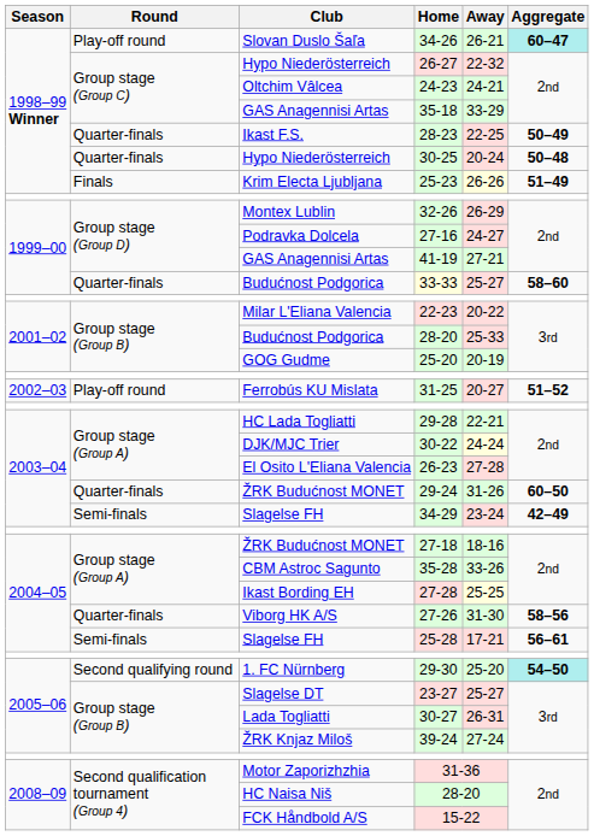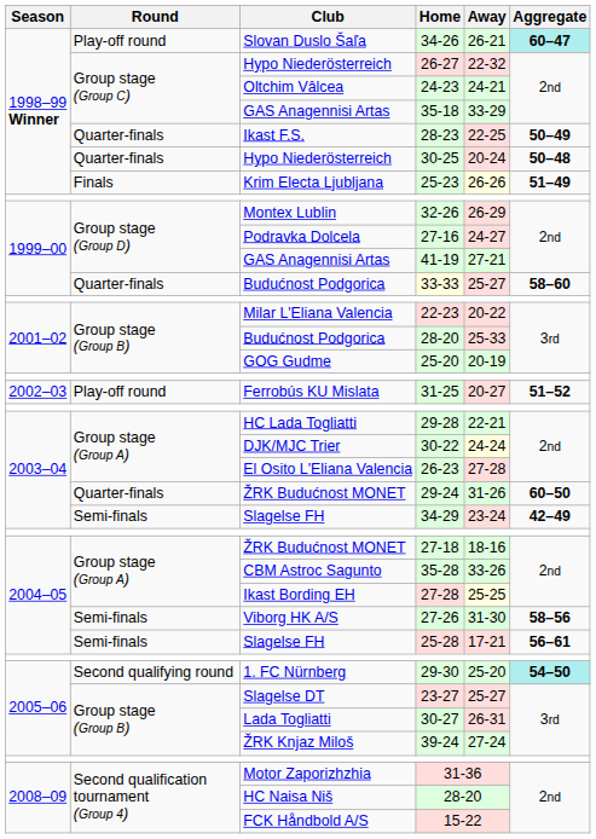 <table class="wikitable">
 <tr>
 <th>Season</th>
 <th width=175>Round</th>
 <th>Club</th>
 <th>Home</th>
 <th>Away</th>
 <th>Aggregate</th>
 </tr>
 <tr>
 <td rowspan=7><a href='#'>1998–99</a><br> <strong>Winner</strong></td>
 <td>Play-off round</td>
 <td> <a href='#'>Slovan Duslo Šaľa</a></td>
 <td style="text-align:center; background:#dfd;">34-26</td>
 <td style="text-align:center; background:#dfd;">26-21</td>
 <td style="background: paleturquoise; text-align:center;"><strong>60–47</strong></td>
 </tr>
 <tr>
 <td rowspan=3>Group stage<br><em>(<small>Group C</small>)</em></td>
 <td> <a href='#'>Hypo Niederösterreich</a></td>
 <td style="text-align:center; background:#fdd;">26-27</td>
 <td style="text-align:center; background:#fdd;">22-32</td>
 <td align=center rowspan=3>2<small>nd</small></td>
 </tr>
 <tr>
 <td> <a href='#'>Oltchim Vâlcea</a></td>
 <td style="text-align:center; background:#dfd;">24-23</td>
 <td style="text-align:center; background:#dfd;">24-21</td>
 </tr>
 <tr>
 <td> <a href='#'>GAS Anagennisi Artas</a></td>
 <td style="text-align:center; background:#dfd;">35-18</td>
 <td style="text-align:center; background:#dfd;">33-29</td>
 </tr>
 <tr>
 <td>Quarter-finals</td>
 <td> <a href='#'>Ikast F.S.</a></td>
 <td style="text-align:center; background:#dfd;">28-23</td>
 <td style="text-align:center; background:#fdd;">22-25</td>
 <td style="text-align:center;"><strong>50–49</strong></td>
 </tr>
 <tr>
 <td>Quarter-finals</td>
 <td> <a href='#'>Hypo Niederösterreich</a></td>
 <td style="text-align:center; background:#dfd;">30-25</td>
 <td style="text-align:center; background:#fdd;">20-24</td>
 <td style="text-align:center;"><strong>50–48</strong></td>
 </tr>
 <tr>
 <td>Finals</td>
 <td> <a href='#'>Krim Electa Ljubljana</a></td>
 <td style="text-align:center; background:#dfd;">25-23</td>
 <td style="text-align:center; background:#ffd;">26-26</td>
 <td style="text-align:center;"><strong>51–49</strong></td>
 </tr>
 <tr>
 <td colspan=7 style="text-align: center;" bgcolor=white></td>
 </tr>
 <tr>
 <td rowspan=4><a href='#'>1999–00</a></td>
 <td rowspan=3>Group stage<br><em>(<small>Group D</small>)</em></td>
 <td> <a href='#'>Montex Lublin</a></td>
 <td style="text-align:center; background:#dfd;">32-26</td>
 <td style="text-align:center; background:#fdd;">26-29</td>
 <td align=center rowspan=3>2<small>nd</small></td>
 </tr>
 <tr>
 <td> <a href='#'>Podravka Dolcela</a></td>
 <td style="text-align:center; background:#dfd;">27-16</td>
 <td style="text-align:center; background:#fdd;">24-27</td>
 </tr>
 <tr>
 <td> <a href='#'>GAS Anagennisi Artas</a></td>
 <td style="text-align:center; background:#dfd;">41-19</td>
 <td style="text-align:center; background:#dfd;">27-21</td>
 </tr>
 <tr>
 <td>Quarter-finals</td>
 <td> <a href='#'>Budućnost Podgorica</a></td>
 <td style="text-align:center; background:#ffd;">33-33</td>
 <td style="text-align:center; background:#fdd;">25-27</td>
 <td style="text-align:center;"><strong>58–60</strong></td>
 </tr>
 <tr>
 <td colspan=7 style="text-align: center;" bgcolor=white></td>
 </tr>
 <tr>
 <td rowspan=3><a href='#'>2001–02</a></td>
 <td rowspan=3>Group stage<br><em>(<small>Group B</small>)</em></td>
 <td> <a href='#'>Milar L'Eliana Valencia</a></td>
 <td style="text-align:center; background:#fdd;">22-23</td>
 <td style="text-align:center; background:#fdd;">20-22</td>
 <td align=center rowspan=3>3<small>rd</small></td>
 </tr>
 <tr>
 <td> <a href='#'>Budućnost Podgorica</a></td>
 <td style="text-align:center; background:#dfd;">28-20</td>
 <td style="text-align:center; background:#fdd;">25-33</td>
 </tr>
 <tr>
 <td> <a href='#'>GOG Gudme</a></td>
 <td style="text-align:center; background:#dfd;">25-20</td>
 <td style="text-align:center; background:#dfd;">20-19</td>
 </tr>
 <tr>
 <td colspan=7 style="text-align: center;" bgcolor=white></td>
 </tr>
 <tr>
 <td rowspan=1><a href='#'>2002–03</a></td>
 <td>Play-off round</td>
 <td> <a href='#'>Ferrobús KU Mislata</a></td>
 <td style="text-align:center; background:#dfd;">31-25</td>
 <td style="text-align:center; background:#fdd;">20-27</td>
 <td style="text-align:center;"><strong>51–52</strong> <br></td>
 </tr>
 <tr>
 <td colspan=7 style="text-align: center;" bgcolor=white></td>
 </tr>
 <tr>
 <td rowspan=5><a href='#'>2003–04</a></td>
 <td rowspan=3>Group stage<br><em>(<small>Group A</small>)</em></td>
 <td> <a href='#'>HC Lada Togliatti</a></td>
 <td style="text-align:center; background:#dfd;">29-28</td>
 <td style="text-align:center; background:#dfd;">22-21</td>
 <td align=center rowspan=3>2<small>nd</small></td>
 </tr>
 <tr>
 <td> <a href='#'>DJK/MJC Trier</a></td>
 <td style="text-align:center; background:#dfd;">30-22</td>
 <td style="text-align:center; background:#ffd;">24-24</td>
 </tr>
 <tr>
 <td> <a href='#'>El Osito L'Eliana Valencia</a></td>
 <td style="text-align:center; background:#dfd;">26-23</td>
 <td style="text-align:center; background:#fdd;">27-28</td>
 </tr>
 <tr>
 <td>Quarter-finals</td>
 <td> <a href='#'>ŽRK Budućnost MONET</a></td>
 <td style="text-align:center; background:#dfd;">29-24</td>
 <td style="text-align:center; background:#dfd;">31-26</td>
 <td style="text-align:center;"><strong>60–50</strong></td>
 </tr>
 <tr>
 <td>Semi-finals</td>
 <td> <a href='#'>Slagelse FH</a></td>
 <td style="text-align:center; background:#dfd;">34-29</td>
 <td style="text-align:center; background:#fdd;">23-24</td>
 <td style="text-align:center;"><strong>42–49</strong></td>
 </tr>
 <tr>
 <td colspan=7 style="text-align: center;" bgcolor=white></td>
 </tr>
 <tr>
 <td rowspan=5><a href='#'>2004–05</a></td>
 <td rowspan=3>Group stage<br><em>(<small>Group A</small>)</em></td>
 <td> <a href='#'>ŽRK Budućnost MONET</a></td>
 <td style="text-align:center; background:#dfd;">27-18</td>
 <td style="text-align:center; background:#dfd;">18-16</td>
 <td align=center rowspan=3>2<small>nd</small></td>
 </tr>
 <tr>
 <td> <a href='#'>CBM Astroc Sagunto</a></td>
 <td style="text-align:center; background:#dfd;">35-28</td>
 <td style="text-align:center; background:#dfd;">33-26</td>
 </tr>
 <tr>
 <td> <a href='#'>Ikast Bording EH</a></td>
 <td style="text-align:center; background:#fdd;">27-28</td>
 <td style="text-align:center; background:#ffd;">25-25</td>
 </tr>
 <tr>
-<td>Quarter-finals</td>
+<td>Semi-finals</td>
 <td> <a href='#'>Viborg HK A/S</a></td>
 <td style="text-align:center; background:#dfd;">27-26</td>
 <td style="text-align:center; background:#dfd;">31-30</td>
 <td style="text-align:center;"><strong>58–56</strong></td>
 </tr>
 <tr>
 <td>Semi-finals</td>
 <td> <a href='#'>Slagelse FH</a></td>
 <td style="text-align:center; background:#fdd;">25-28</td>
 <td style="text-align:center; background:#fdd;">17-21</td>
 <td style="text-align:center;"><strong>56–61</strong></td>
 </tr>
 <tr>
 <td colspan=7 style="text-align: center;" bgcolor=white></td>
 </tr>
 <tr>
 <td rowspan=4><a href='#'>2005–06</a></td>
 <td>Second qualifying round</td>
 <td> <a href='#'>1. FC Nürnberg</a></td>
 <td style="text-align:center; background:#dfd;">29-30</td>
 <td style="text-align:center; background:#dfd;">25-20</td>
 <td style="background: paleturquoise; text-align:center;"><strong>54–50</strong></td>
 </tr>
 <tr>
 <td rowspan=3>Group stage<br><em>(<small>Group B</small>)</em></td>
 <td> <a href='#'>Slagelse DT</a></td>
 <td style="text-align:center; background:#fdd;">23-27</td>
 <td style="text-align:center; background:#fdd;">25-27</td>
 <td align=center rowspan=3>3<small>rd</small> <br></td>
 </tr>
 <tr>
 <td> <a href='#'>Lada Togliatti</a></td>
 <td style="text-align:center; background:#dfd;">30-27</td>
 <td style="text-align:center; background:#fdd;">26-31</td>
 </tr>
 <tr>
 <td> <a href='#'>ŽRK Knjaz Miloš</a></td>
 <td style="text-align:center; background:#dfd;">39-24</td>
 <td style="text-align:center; background:#dfd;">27-24</td>
 </tr>
 <tr>
 <td colspan=7 style="text-align: center;" bgcolor=white></td>
 </tr>
 <tr>
 <td rowspan=3><a href='#'>2008–09</a></td>
 <td rowspan=3>Second qualification tournament<br><em>(<small>Group 4</small>)</em></td>
 <td> <a href='#'>Motor Zaporizhzhia</a></td>
 <td colspan=2; style="text-align:center; background:#fdd;">31-36</td>
 <td align=center rowspan=3>2<small>nd</small> <br></td>
 </tr>
 <tr>
 <td> <a href='#'>HC Naisa Niš</a></td>
 <td colspan=2; style="text-align:center; background:#dfd;">28-20</td>
 </tr>
 <tr>
 <td> <a href='#'>FCK Håndbold A/S</a></td>
 <td colspan=2; style="text-align:center; background:#fdd;">15-22</td>
 </tr>
 </table>
